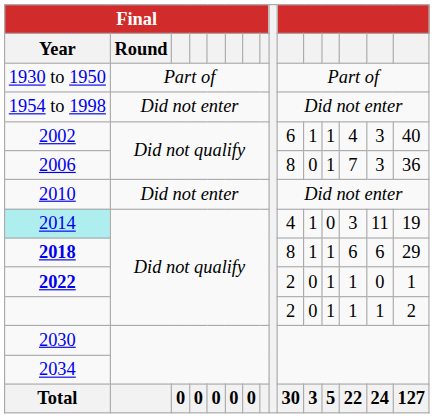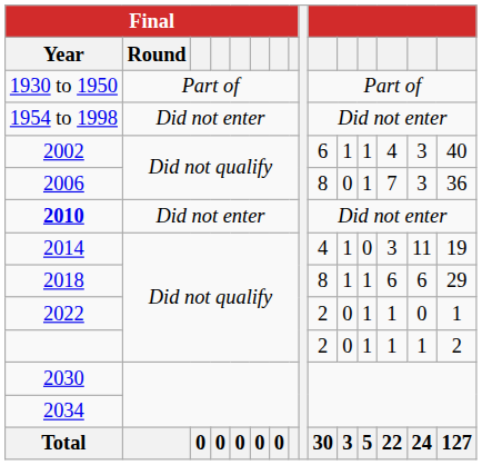 <table class="wikitable" style="text-align:center">
 <tr>
 <th colspan=8 style="background: #D22B2B; color: #FFFFFF;">Final</th>
 <th rowspan=40></th>
 <th colspan=8 style="background: #D22B2B; color: #FFFFFF;"><a href='#'></a></th>
 </tr>
 <tr>
 <th>Year</th>
 <th>Round</th>
 <th></th>
 <th></th>
 <th></th>
 <th></th>
 <th></th>
 <th></th>
 <th></th>
 <th></th>
 <th></th>
 <th></th>
 <th></th>
 <th></th>
 </tr>
 <tr>
 <td> <a href='#'>1930</a> to  <a href='#'>1950</a></td>
 <td colspan=7><em>Part of </em></td>
 <td colspan=6><em>Part of </em></td>
 </tr>
 <tr>
 <td> <a href='#'>1954</a> to  <a href='#'>1998</a></td>
 <td colspan=7><em>Did not enter</em></td>
 <td colspan=6><em>Did not enter</em></td>
 </tr>
 <tr>
 <td>  <a href='#'>2002</a></td>
 <td rowspan=2 colspan=7><em>Did not qualify</em></td>
 <td>6</td>
 <td>1</td>
 <td>1</td>
 <td>4</td>
 <td>3</td>
 <td>40</td>
 </tr>
 <tr>
 <td> <a href='#'>2006</a></td>
 <td>8</td>
 <td>0</td>
 <td>1</td>
 <td>7</td>
 <td>3</td>
 <td>36</td>
 </tr>
 <tr>
-<td> <a href='#'>2010</a></td>
+<td><strong> <a href='#'>2010</a></strong></td>
 <td colspan=7><em>Did not enter</em></td>
 <td colspan=6><em>Did not enter</em></td>
 </tr>
 <tr>
-<td style="background: paleturquoise;"> <a href='#'>2014</a></td>
+<td> <a href='#'>2014</a></td>
 <td rowspan=4 colspan=7><em>Did not qualify</em></td>
 <td>4</td>
 <td>1</td>
 <td>0</td>
 <td>3</td>
 <td>11</td>
 <td>19</td>
 </tr>
 <tr>
-<td><strong> <a href='#'>2018</a></strong></td>
+<td> <a href='#'>2018</a></td>
 <td>8</td>
 <td>1</td>
 <td>1</td>
 <td>6</td>
 <td>6</td>
 <td>29</td>
 </tr>
 <tr>
-<td><strong> <a href='#'>2022</a></strong></td>
+<td> <a href='#'>2022</a></td>
 <td>2</td>
 <td>0</td>
 <td>1</td>
 <td>1</td>
 <td>0</td>
 <td>1</td>
 </tr>
 <tr>
 <td></td>
 <td>2</td>
 <td>0</td>
 <td>1</td>
 <td>1</td>
 <td>1</td>
 <td>2</td>
 </tr>
 <tr>
 <td> <a href='#'>2030</a></td>
 <td rowspan=2 colspan=7></td>
 <td rowspan=2 colspan=7></td>
 </tr>
 <tr>
 <td> <a href='#'>2034</a></td>
 </tr>
 <tr>
 <th>Total</th>
 <th></th>
 <th>0</th>
 <th>0</th>
 <th>0</th>
 <th>0</th>
 <th>0</th>
 <th></th>
 <th>30</th>
 <th>3</th>
 <th>5</th>
 <th>22</th>
 <th>24</th>
 <th>127</th>
 </tr>
 </table>
